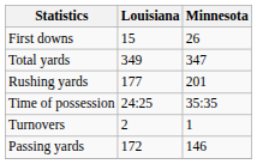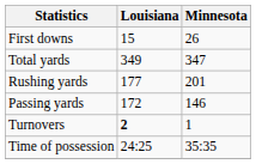 <table class="wikitable">
 <tr>
 <th>Statistics</th>
 <th>Louisiana</th>
 <th>Minnesota</th>
 </tr>
 <tr>
 <td>First downs</td>
 <td>15</td>
 <td>26</td>
 </tr>
 <tr>
 <td>Total yards</td>
 <td>349</td>
 <td>347</td>
 </tr>
 <tr>
 <td>Rushing yards</td>
 <td>177</td>
 <td>201</td>
 </tr>
 <tr>
+<td>Passing yards</td>
+<td>172</td>
+<td>146</td>
+</tr>
+<tr>
+<td>Turnovers</td>
+<td><strong>2</strong></td>
+<td>1</td>
+</tr>
+<tr>
 <td>Time of possession</td>
 <td>24:25</td>
 <td>35:35</td>
 </tr>
 <tr>
-<td>Turnovers</td>
-<td>2</td>
-<td>1</td>
-</tr>
-<tr>
-<td>Passing yards</td>
-<td>172</td>
-<td>146</td>
-</tr>
-<tr>
 </tr>
 </table>
